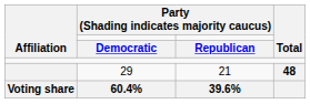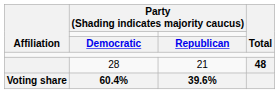 <table class=wikitable style="text-align:center">
 <tr style="vertical-align:bottom;">
 <th rowspan=3>Affiliation</th>
 <th colspan=2>Party <div>(Shading indicates majority caucus)</div></th>
 <th rowspan=3>Total</th>
 </tr>
 <tr style="height:5px">
 <td style="background-color:"></td>
 <td style="background-color:"></td>
 </tr>
 <tr>
 <th><a href='#'>Democratic</a></th>
 <th><a href='#'>Republican</a></th>
 </tr>
 <tr>
 <td colspan=5></td>
 </tr>
 <tr>
 <th nowrap style="font-size:80%"></th>
-<td>29</td>
+<td>28</td>
 <td>21</td>
 <th>48</th>
 </tr>
 <tr>
 <th>Voting share</th>
 <th>60.4%</th>
 <th>39.6%</th>
 <th colspan=2></th>
 </tr>
 </table>
